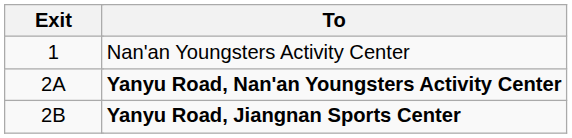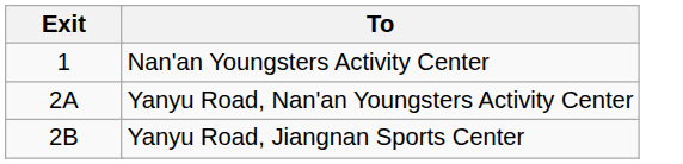 <table class="wikitable">
 <tr>
 <th style="width:70px" colspan="2">Exit</th>
 <th>To</th>
 </tr>
 <tr>
 <td align="center" colspan="2">1</td>
 <td>Nan'an Youngsters Activity Center</td>
 </tr>
 <tr>
 <td align="center" colspan="2">2A</td>
-<td><strong>Yanyu Road, Nan'an Youngsters Activity Center</strong></td>
+<td>Yanyu Road, Nan'an Youngsters Activity Center</td>
 </tr>
 <tr>
 <td align="center" colspan="2">2B</td>
-<td><strong>Yanyu Road, Jiangnan Sports Center</strong></td>
+<td>Yanyu Road, Jiangnan Sports Center</td>
 </tr>
 </table>
